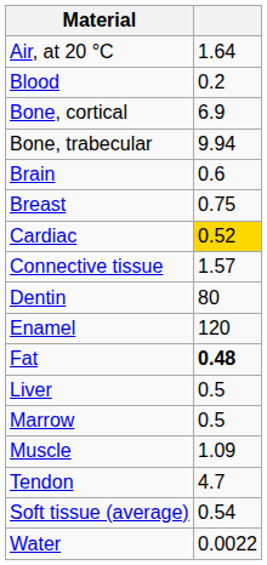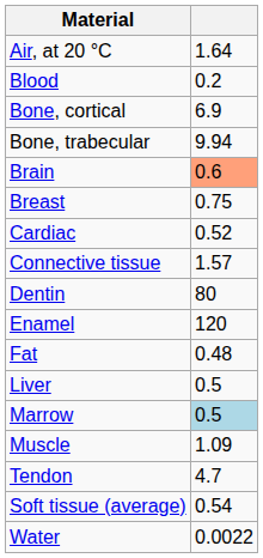 <table class="wikitable" style="margin:1em auto;">
 <tr>
 <th>Material</th>
 <th></th>
 </tr>
 <tr>
 <td><a href='#'>Air</a>, at 20 °C</td>
 <td>1.64</td>
 </tr>
 <tr>
 <td><a href='#'>Blood</a></td>
 <td>0.2</td>
 </tr>
 <tr>
 <td><a href='#'>Bone</a>, cortical</td>
 <td>6.9</td>
 </tr>
 <tr>
 <td>Bone, trabecular</td>
 <td>9.94</td>
 </tr>
 <tr>
 <td><a href='#'>Brain</a></td>
-<td>0.6</td>
+<td style="background: lightsalmon;">0.6</td>
 </tr>
 <tr>
 <td><a href='#'>Breast</a></td>
 <td>0.75</td>
 </tr>
 <tr>
 <td><a href='#'>Cardiac</a></td>
-<td style="background: gold;">0.52</td>
+<td>0.52</td>
 </tr>
 <tr>
 <td><a href='#'>Connective tissue</a></td>
 <td>1.57</td>
 </tr>
 <tr>
 <td><a href='#'>Dentin</a></td>
 <td>80</td>
 </tr>
 <tr>
 <td><a href='#'>Enamel</a></td>
 <td>120</td>
 </tr>
 <tr>
 <td><a href='#'>Fat</a></td>
-<td><strong>0.48</strong></td>
+<td>0.48</td>
 </tr>
 <tr>
 <td><a href='#'>Liver</a></td>
 <td>0.5</td>
 </tr>
 <tr>
 <td><a href='#'>Marrow</a></td>
-<td>0.5</td>
+<td style="background: lightblue;">0.5</td>
 </tr>
 <tr>
 <td><a href='#'>Muscle</a></td>
 <td>1.09</td>
 </tr>
 <tr>
 <td><a href='#'>Tendon</a></td>
 <td>4.7</td>
 </tr>
 <tr>
 <td><a href='#'>Soft tissue (average)</a></td>
 <td>0.54</td>
 </tr>
 <tr>
 <td><a href='#'>Water</a></td>
 <td>0.0022</td>
 </tr>
 </table>
